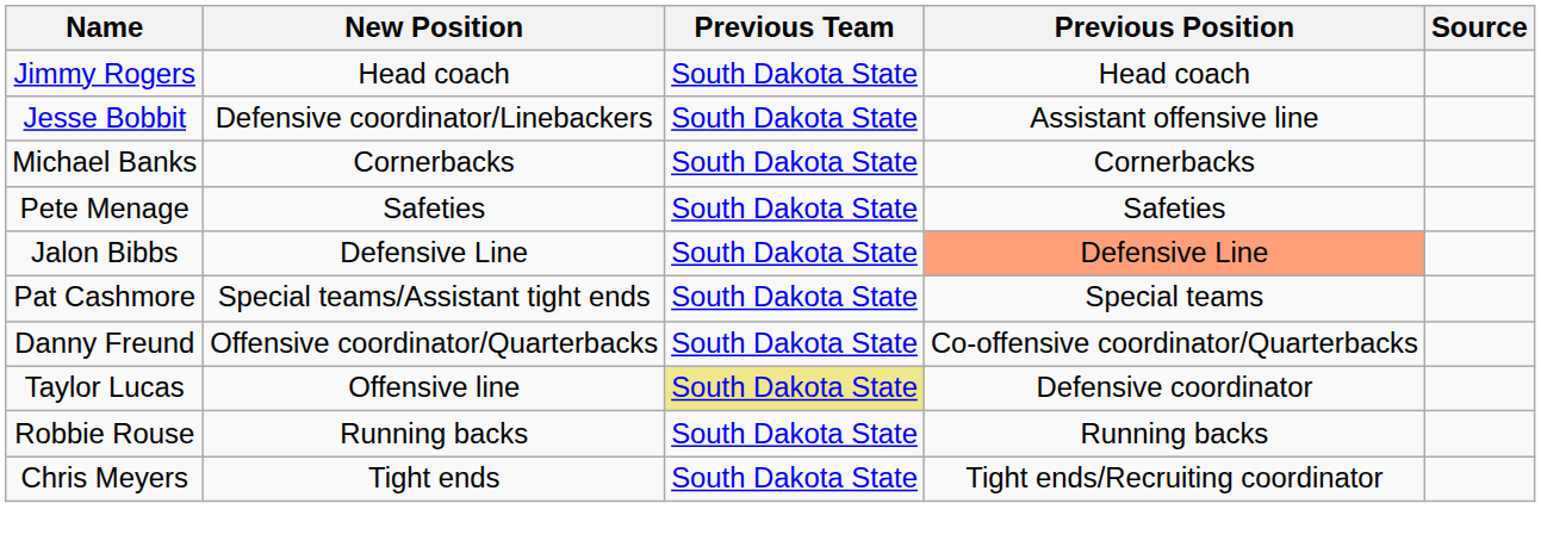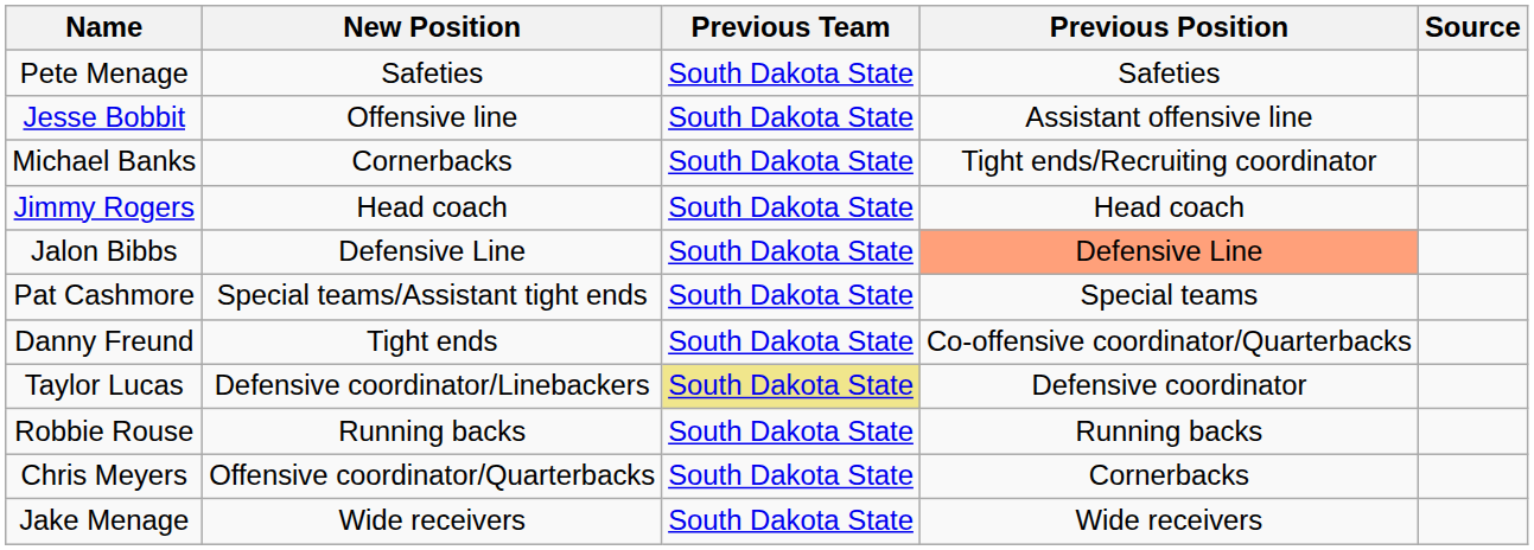 <table class="wikitable">
 <tr>
 <th style="text-align:center; ">Name</th>
 <th style="text-align:center; ">New Position</th>
 <th style="text-align:center; ">Previous Team</th>
 <th style="text-align:center; ">Previous Position</th>
 <th style="text-align:center; ">Source</th>
 </tr>
 <tr align="center">
-<td><a href='#'>Jimmy Rogers</a></td>
-<td>Head coach</td>
+<td>Pete Menage</td>
+<td>Safeties</td>
 <td><a href='#'>South Dakota State</a></td>
-<td>Head coach</td>
+<td>Safeties</td>
 <td></td>
 </tr>
 <tr align="center">
 <td><a href='#'>Jesse Bobbit</a></td>
-<td>Defensive coordinator/Linebackers</td>
+<td>Offensive line</td>
 <td><a href='#'>South Dakota State</a></td>
 <td>Assistant offensive line</td>
 <td></td>
 </tr>
 <tr align="center">
 <td>Michael Banks</td>
 <td>Cornerbacks</td>
 <td><a href='#'>South Dakota State</a></td>
-<td>Cornerbacks</td>
+<td>Tight ends/Recruiting coordinator</td>
 <td></td>
 </tr>
 <tr align="center">
-<td>Pete Menage</td>
-<td>Safeties</td>
+<td><a href='#'>Jimmy Rogers</a></td>
+<td>Head coach</td>
 <td><a href='#'>South Dakota State</a></td>
-<td>Safeties</td>
+<td>Head coach</td>
 <td></td>
 </tr>
 <tr align="center">
 <td>Jalon Bibbs</td>
 <td>Defensive Line</td>
 <td><a href='#'>South Dakota State</a></td>
 <td style="background: lightsalmon;">Defensive Line</td>
 <td></td>
 </tr>
 <tr align="center">
 <td>Pat Cashmore</td>
 <td>Special teams/Assistant tight ends</td>
 <td><a href='#'>South Dakota State</a></td>
 <td>Special teams</td>
 <td></td>
 </tr>
 <tr align="center">
 <td>Danny Freund</td>
-<td>Offensive coordinator/Quarterbacks</td>
+<td>Tight ends</td>
 <td><a href='#'>South Dakota State</a></td>
 <td>Co-offensive coordinator/Quarterbacks</td>
 <td></td>
 </tr>
 <tr align="center">
 <td>Taylor Lucas</td>
-<td>Offensive line</td>
+<td>Defensive coordinator/Linebackers</td>
 <td style="background: khaki;"><a href='#'>South Dakota State</a></td>
 <td>Defensive coordinator</td>
 <td></td>
 </tr>
 <tr align="center">
 <td>Robbie Rouse</td>
 <td>Running backs</td>
 <td><a href='#'>South Dakota State</a></td>
 <td>Running backs</td>
 <td></td>
 </tr>
 <tr align="center">
 <td>Chris Meyers</td>
-<td>Tight ends</td>
+<td>Offensive coordinator/Quarterbacks</td>
 <td><a href='#'>South Dakota State</a></td>
-<td>Tight ends/Recruiting coordinator</td>
+<td>Cornerbacks</td>
+<td></td>
+</tr>
+<tr align="center">
+<td>Jake Menage</td>
+<td>Wide receivers</td>
+<td><a href='#'>South Dakota State</a></td>
+<td>Wide receivers</td>
 <td></td>
 </tr>
 </table>
